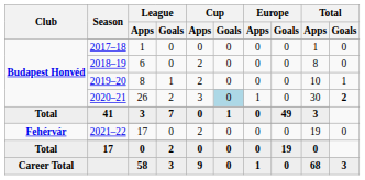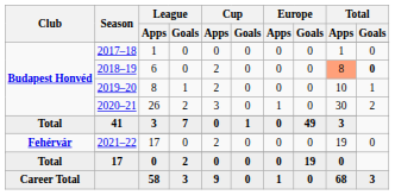 <table class="wikitable" style="font-size:90%; text-align: center;">
 <tr>
 <th rowspan="2">Club</th>
 <th rowspan="2">Season</th>
 <th colspan="2">League</th>
 <th colspan="2">Cup</th>
 <th colspan="2">Europe</th>
 <th colspan="2">Total</th>
 </tr>
 <tr>
 <th>Apps</th>
 <th>Goals</th>
 <th>Apps</th>
 <th>Goals</th>
 <th>Apps</th>
 <th>Goals</th>
 <th>Apps</th>
 <th>Goals</th>
 </tr>
 <tr ||-||-||-|->
 <td rowspan="6" valign="center"><strong><a href='#'>Budapest Honvéd</a></strong></td>
 </tr>
 <tr>
 <td><a href='#'>2017–18</a></td>
 <td>1</td>
 <td>0</td>
 <td>0</td>
 <td>0</td>
 <td>0</td>
 <td>0</td>
 <td>1</td>
 <td>0</td>
 </tr>
 <tr>
 <td><a href='#'>2018–19</a></td>
 <td>6</td>
 <td>0</td>
 <td>2</td>
 <td>0</td>
 <td>0</td>
 <td>0</td>
-<td>8</td>
-<td>0</td>
+<td style="background: lightsalmon;">8</td>
+<td><strong>0</strong></td>
 </tr>
 <tr>
 <td><a href='#'>2019–20</a></td>
 <td>8</td>
 <td>1</td>
 <td>2</td>
 <td>0</td>
 <td>0</td>
 <td>0</td>
 <td>10</td>
 <td>1</td>
 </tr>
 <tr>
 <td><a href='#'>2020–21</a></td>
 <td>26</td>
 <td>2</td>
 <td>3</td>
-<td style="background: lightblue;">0</td>
+<td>0</td>
 <td>1</td>
 <td>0</td>
 <td>30</td>
-<td><strong>2</strong></td>
+<td>2</td>
 </tr>
 <tr>
 </tr>
 <tr style="font-weight:bold; background-color:#eeeeee;">
 <td>Total</td>
 <td>41</td>
 <td>3</td>
 <td>7</td>
 <td>0</td>
 <td>1</td>
 <td>0</td>
 <td>49</td>
 <td>3</td>
 </tr>
 <tr>
 <td rowspan="3" valign="center"><strong><a href='#'>Fehérvár</a></strong></td>
 </tr>
 <tr>
 <td><a href='#'>2021–22</a></td>
 <td>17</td>
 <td>0</td>
 <td>2</td>
 <td>0</td>
 <td>0</td>
 <td>0</td>
 <td>19</td>
 <td>0</td>
 </tr>
 <tr>
 </tr>
 <tr style="font-weight:bold; background-color:#eeeeee;">
 <td>Total</td>
 <td>17</td>
 <td>0</td>
 <td>2</td>
 <td>0</td>
 <td>0</td>
 <td>0</td>
 <td>19</td>
 <td>0</td>
 </tr>
 <tr style="font-weight:bold; background-color:#eeeeee;">
 <td rowspan="1" valign="top"><strong>Career Total</strong></td>
 <td></td>
 <td><strong>58</strong></td>
 <td><strong>3</strong></td>
 <td><strong>9</strong></td>
 <td><strong>0</strong></td>
 <td><strong>1</strong></td>
 <td><strong>0</strong></td>
 <td><strong>68</strong></td>
 <td><strong>3</strong></td>
 </tr>
 </table>
